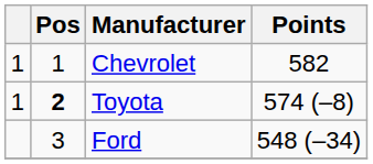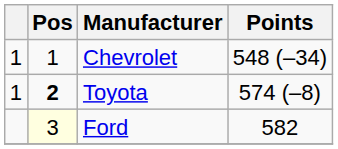 <table class="wikitable" style="font-size: 95%;">
 <tr>
 <th></th>
 <th>Pos</th>
 <th>Manufacturer</th>
 <th>Points</th>
 </tr>
 <tr>
 <td align="left"> 1</td>
 <td style="text-align:center;">1</td>
 <td><a href='#'>Chevrolet</a></td>
-<td style="text-align:center;">582</td>
+<td style="text-align:center;">548 (–34)</td>
 </tr>
 <tr>
 <td align="left"> 1</td>
 <td style="text-align:center;"><strong>2</strong></td>
 <td><a href='#'>Toyota</a></td>
 <td style="text-align:center;">574 (–8)</td>
 </tr>
 <tr>
 <td align="left"></td>
-<td style="text-align:center;">3</td>
+<td style="background: lightyellow; text-align:center;">3</td>
 <td><a href='#'>Ford</a></td>
-<td style="text-align:center;">548 (–34)</td>
+<td style="text-align:center;">582</td>
 </tr>
 <tr class="sortbottom">
 </tr>
 </table>
